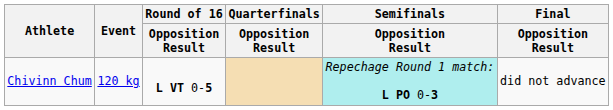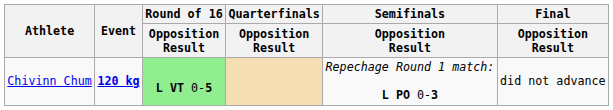 <table class="wikitable" border="1" style="font-size:90%">
 <tr>
 <th rowspan=2>Athlete</th>
 <th rowspan=2>Event</th>
 <th>Round of 16</th>
 <th>Quarterfinals</th>
 <th>Semifinals</th>
 <th>Final</th>
 </tr>
 <tr>
 <th>Opposition<br>Result</th>
 <th>Opposition<br>Result</th>
 <th>Opposition<br>Result</th>
 <th>Opposition<br>Result</th>
 </tr>
 <tr>
 <td><a href='#'>Chivinn Chum</a></td>
-<td><a href='#'>120 kg</a></td>
-<td align=center><br><strong>L VT</strong> 0-<strong>5</strong></td>
+<td><strong><a href='#'>120 kg</a></strong></td>
+<td align=center style="background: lightgreen;"><br><strong>L VT</strong> 0-<strong>5</strong></td>
 <td bgcolor="wheat"></td>
-<td align=center style="background: paleturquoise;"><em>Repechage Round 1 match:</em><br><br><strong>L PO</strong> 0-<strong>3</strong></td>
+<td align=center><em>Repechage Round 1 match:</em><br><br><strong>L PO</strong> 0-<strong>3</strong></td>
 <td align=center colspan="7">did not advance</td>
 </tr>
 </table>
